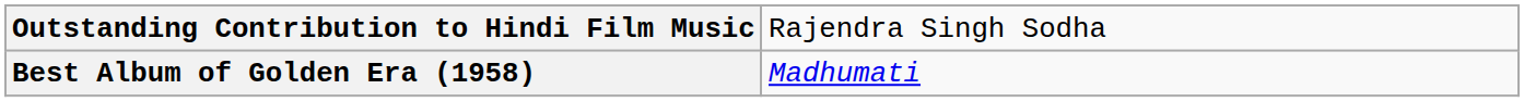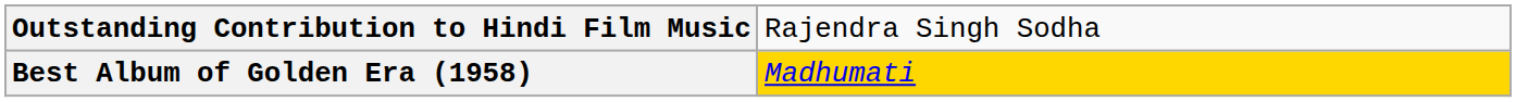 <table class="wikitable">
 <tr>
 <th style="text-align: left; width:50%;">Outstanding Contribution to Hindi Film Music</th>
 <td>Rajendra Singh Sodha</td>
 </tr>
 <tr>
 <th style="text-align: left;">Best Album of Golden Era (1958)</th>
-<td><em><a href='#'>Madhumati</a></em></td>
+<td style="background: gold;"><em><a href='#'>Madhumati</a></em></td>
 </tr>
 </table>
